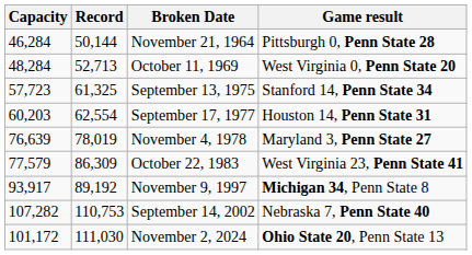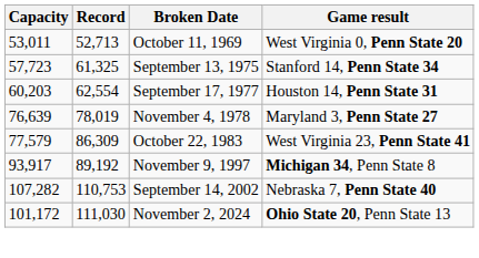 <table class="wikitable">
 <tr>
 <th>Capacity</th>
 <th>Record</th>
 <th>Broken Date</th>
 <th>Game result</th>
 </tr>
 <tr>
-<td>46,284</td>
-<td>50,144</td>
-<td>November 21, 1964</td>
-<td>Pittsburgh 0, <strong>Penn State 28</strong></td>
-</tr>
-<tr>
-<td>48,284</td>
+<td>53,011</td>
 <td>52,713</td>
 <td>October 11, 1969</td>
 <td>West Virginia 0, <strong>Penn State 20</strong></td>
 </tr>
 <tr>
 <td>57,723</td>
 <td>61,325</td>
 <td>September 13, 1975</td>
 <td>Stanford 14, <strong>Penn State 34</strong></td>
 </tr>
 <tr>
 <td>60,203</td>
 <td>62,554</td>
 <td>September 17, 1977</td>
 <td>Houston 14, <strong>Penn State 31</strong></td>
 </tr>
 <tr>
 <td>76,639</td>
 <td>78,019</td>
 <td>November 4, 1978</td>
 <td>Maryland 3, <strong>Penn State 27</strong></td>
 </tr>
 <tr>
 <td>77,579</td>
 <td>86,309</td>
 <td>October 22, 1983</td>
 <td>West Virginia 23, <strong>Penn State 41</strong></td>
 </tr>
 <tr>
 <td>93,917</td>
 <td>89,192</td>
 <td>November 9, 1997</td>
 <td><strong>Michigan 34</strong>, Penn State 8</td>
 </tr>
 <tr>
 <td>107,282</td>
 <td>110,753</td>
 <td>September 14, 2002</td>
 <td>Nebraska 7, <strong>Penn State 40</strong></td>
 </tr>
 <tr>
 <td>101,172</td>
 <td>111,030</td>
 <td>November 2, 2024</td>
 <td><strong>Ohio State 20</strong>, Penn State 13</td>
 </tr>
 </table>
